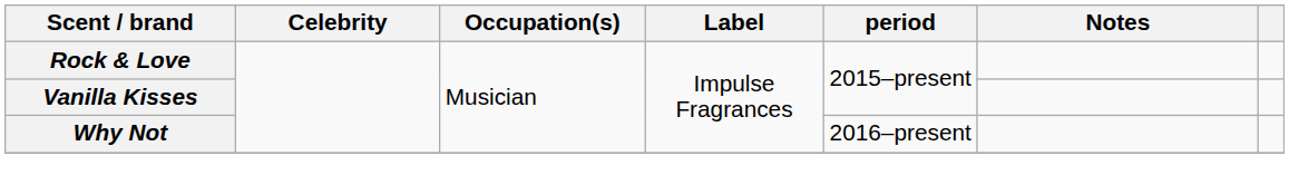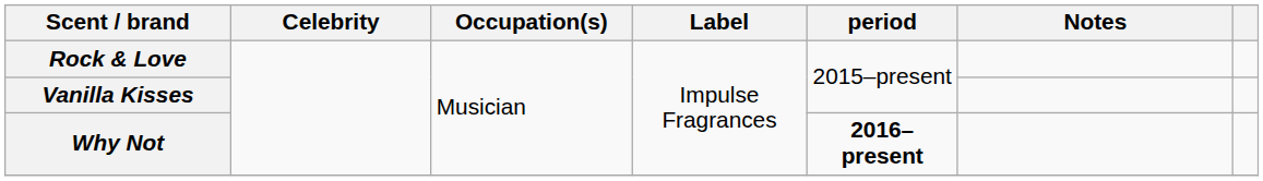 <table class="wikitable sortable plainrowheaders" font-size:95%; style="text-align:center;" width="100%;">
 <tr>
 <th scope="col" width="18%">Scent / brand</th>
 <th scope="col" width:"16%">Celebrity</th>
 <th scope="col" width="16%">Occupation(s)</th>
 <th scope="col" width="14%">Label</th>
 <th scope="col" width="12%"> period</th>
 <th scope="col" width="22%;" class="unsortable">Notes</th>
 <th scope="col" width="2%;" class="unsortable"></th>
 </tr>
 <tr>
 <th scope="row"><em>Rock & Love</em></th>
 <td rowspan="3"></td>
 <td rowspan="3" style="text-align:left;">Musician</td>
 <td rowspan="3">Impulse Fragrances</td>
 <td rowspan="2">2015–present</td>
 <td></td>
 <td></td>
 </tr>
 <tr>
 <th scope="row"><em>Vanilla Kisses</em></th>
 <td></td>
 <td></td>
 </tr>
 <tr>
 <th scope="row"><em>Why Not</em></th>
-<td>2016–present</td>
+<td><strong>2016–present</strong></td>
 <td></td>
 <td></td>
 </tr>
 <tr>
 </tr>
 </table>
